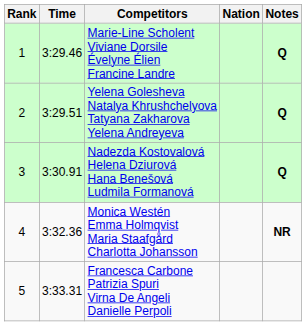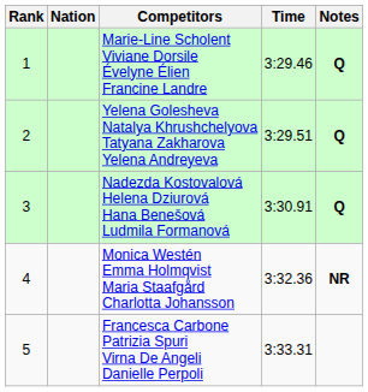 <table class="wikitable sortable" style="text-align:center">
 <tr>
 <th>Rank</th>
+<th>Nation</th>
+<th>Competitors</th>
 <th>Time</th>
-<th>Competitors</th>
-<th>Nation</th>
 <th>Notes</th>
 </tr>
 <tr bgcolor=ccffcc>
 <td>1</td>
+<td align=left></td>
+<td align=left><a href='#'>Marie-Line Scholent</a><br><a href='#'>Viviane Dorsile</a><br><a href='#'>Évelyne Élien</a><br><a href='#'>Francine Landre</a></td>
 <td>3:29.46</td>
-<td align=left><a href='#'>Marie-Line Scholent</a><br><a href='#'>Viviane Dorsile</a><br><a href='#'>Évelyne Élien</a><br><a href='#'>Francine Landre</a></td>
-<td align=left></td>
 <td><strong>Q</strong></td>
 </tr>
 <tr bgcolor=ccffcc>
 <td>2</td>
+<td align=left></td>
+<td align=left><a href='#'>Yelena Golesheva</a><br><a href='#'>Natalya Khrushchelyova</a><br><a href='#'>Tatyana Zakharova</a><br><a href='#'>Yelena Andreyeva</a></td>
 <td>3:29.51</td>
-<td align=left><a href='#'>Yelena Golesheva</a><br><a href='#'>Natalya Khrushchelyova</a><br><a href='#'>Tatyana Zakharova</a><br><a href='#'>Yelena Andreyeva</a></td>
-<td align=left></td>
 <td><strong>Q</strong></td>
 </tr>
 <tr bgcolor=ccffcc>
 <td>3</td>
+<td align=left></td>
+<td align=left><a href='#'>Nadezda Kostovalová</a><br><a href='#'>Helena Dziurová</a><br><a href='#'>Hana Benešová</a><br><a href='#'>Ludmila Formanová</a></td>
 <td>3:30.91</td>
-<td align=left><a href='#'>Nadezda Kostovalová</a><br><a href='#'>Helena Dziurová</a><br><a href='#'>Hana Benešová</a><br><a href='#'>Ludmila Formanová</a></td>
-<td align=left></td>
 <td><strong>Q</strong></td>
 </tr>
 <tr>
 <td>4</td>
+<td align=left></td>
+<td align=left><a href='#'>Monica Westén</a><br><a href='#'>Emma Holmqvist</a><br><a href='#'>Maria Staafgård</a><br><a href='#'>Charlotta Johansson</a></td>
 <td>3:32.36</td>
-<td align=left><a href='#'>Monica Westén</a><br><a href='#'>Emma Holmqvist</a><br><a href='#'>Maria Staafgård</a><br><a href='#'>Charlotta Johansson</a></td>
-<td align=left></td>
 <td><strong>NR</strong></td>
 </tr>
 <tr>
 <td>5</td>
+<td align=left></td>
+<td align=left><a href='#'>Francesca Carbone</a><br><a href='#'>Patrizia Spuri</a><br><a href='#'>Virna De Angeli</a><br><a href='#'>Danielle Perpoli</a></td>
 <td>3:33.31</td>
-<td align=left><a href='#'>Francesca Carbone</a><br><a href='#'>Patrizia Spuri</a><br><a href='#'>Virna De Angeli</a><br><a href='#'>Danielle Perpoli</a></td>
-<td align=left></td>
 <td></td>
 </tr>
 </table>
